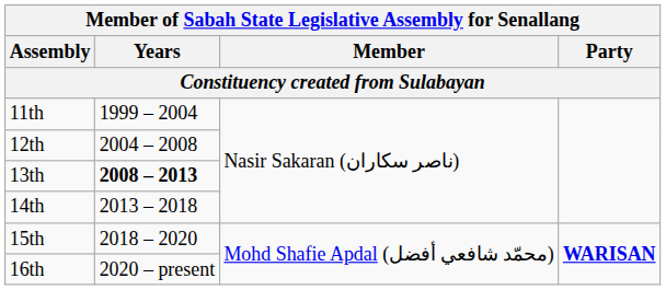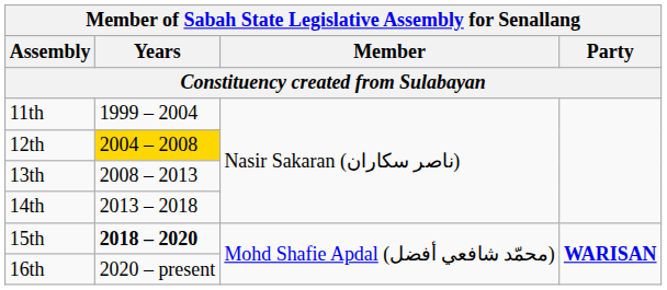 <table class="wikitable">
 <tr>
 <th colspan="4">Member of <a href='#'>Sabah State Legislative Assembly</a> for Senallang</th>
 </tr>
 <tr>
 <th>Assembly</th>
 <th>Years</th>
 <th>Member</th>
 <th>Party</th>
 </tr>
 <tr>
 <th colspan="4" align="center"><em>Constituency created from Sulabayan</em></th>
 </tr>
 <tr>
 <td>11th</td>
 <td>1999 – 2004</td>
 <td rowspan="4">Nasir Sakaran (ناصر سكاران)</td>
 <td rowspan=4></td>
 </tr>
 <tr>
 <td>12th</td>
-<td>2004 – 2008</td>
+<td style="background: gold;">2004 – 2008</td>
 </tr>
 <tr>
 <td>13th</td>
-<td><strong>2008 – 2013</strong></td>
+<td>2008 – 2013</td>
 </tr>
 <tr>
 <td>14th</td>
 <td>2013 – 2018</td>
 </tr>
 <tr>
 <td>15th</td>
-<td>2018 – 2020</td>
+<td><strong>2018 – 2020</strong></td>
 <td rowspan="2"><a href='#'>Mohd Shafie Apdal</a> (محمّد شافعي أفضل)</td>
 <td rowspan=2><strong><a href='#'>WARISAN</a></strong></td>
 </tr>
 <tr>
 <td>16th</td>
 <td>2020 – present</td>
 </tr>
 </table>
